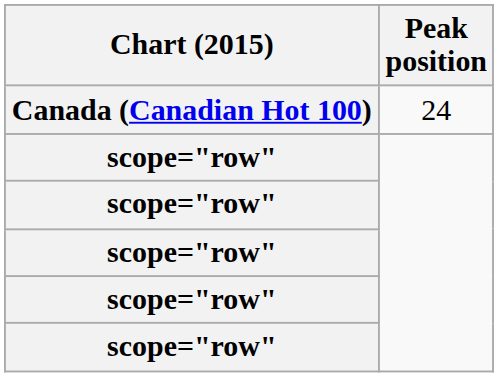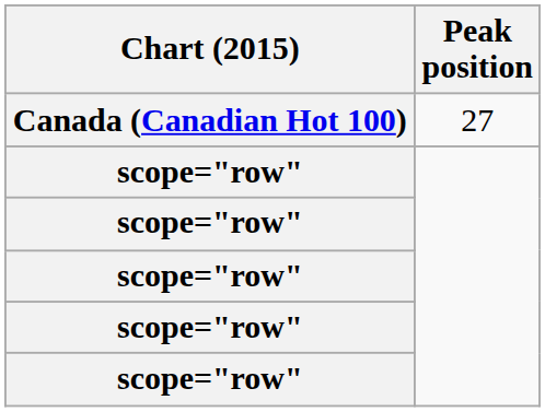 <table class="wikitable sortable plainrowheaders" style="text-align:center;">
 <tr>
 <th scope="col">Chart (2015)</th>
 <th scope="col">Peak<br>position</th>
 </tr>
 <tr>
 <th scope="row">Canada (<a href='#'>Canadian Hot 100</a>)</th>
-<td>24</td>
+<td>27</td>
 </tr>
 <tr>
 <th>scope="row" </th>
 </tr>
 <tr>
 <th>scope="row" </th>
 </tr>
 <tr>
 <th>scope="row" </th>
 </tr>
 <tr>
 <th>scope="row" </th>
 </tr>
 <tr>
 <th>scope="row" </th>
 </tr>
 </table>
